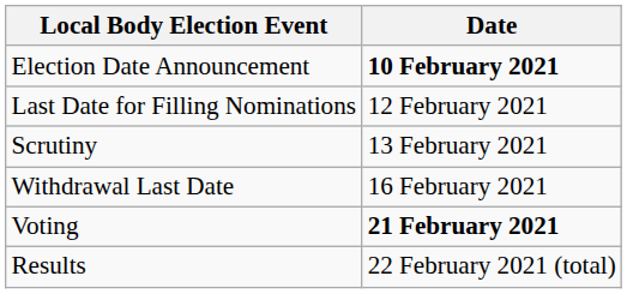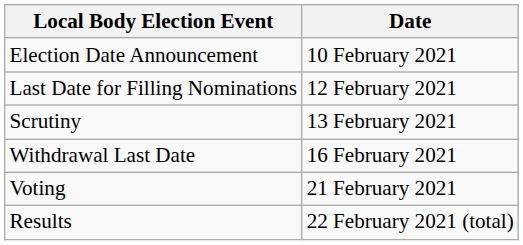 <table class="wikitable">
 <tr>
 <th>Local Body Election Event</th>
 <th>Date</th>
 </tr>
 <tr>
 <td>Election Date Announcement</td>
-<td><strong>10 February 2021</strong></td>
+<td>10 February 2021</td>
 </tr>
 <tr>
 <td>Last Date for Filling Nominations</td>
 <td>12 February 2021</td>
 </tr>
 <tr>
 <td>Scrutiny</td>
 <td>13 February 2021</td>
 </tr>
 <tr>
 <td>Withdrawal Last Date</td>
 <td>16 February 2021</td>
 </tr>
 <tr>
 <td>Voting</td>
-<td><strong>21 February 2021</strong></td>
+<td>21 February 2021</td>
 </tr>
 <tr>
 <td>Results</td>
 <td>22 February 2021 (total)</td>
 </tr>
 </table>
